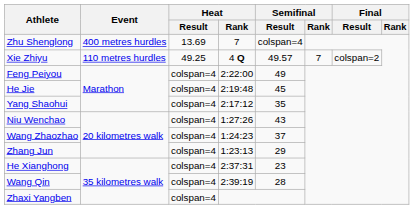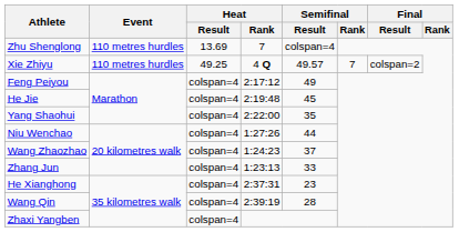 <table class="wikitable" style="font-size:90%">
 <tr>
 <th rowspan="2">Athlete</th>
 <th rowspan="2">Event</th>
 <th colspan="2">Heat</th>
 <th colspan="2">Semifinal</th>
 <th colspan="2">Final</th>
 </tr>
 <tr style="font-size:95%">
 <th>Result</th>
 <th>Rank</th>
 <th>Result</th>
 <th>Rank</th>
 <th>Result</th>
 <th>Rank</th>
 </tr>
 <tr style=text-align:center>
 <td style=text-align:left><a href='#'>Zhu Shenglong</a></td>
-<td style=text-align:left><a href='#'>400 metres hurdles</a></td>
+<td style=text-align:left><a href='#'>110 metres hurdles</a></td>
 <td>13.69</td>
 <td>7</td>
 <td>colspan=4 </td>
 </tr>
 <tr style=text-align:center>
 <td style=text-align:left><a href='#'>Xie Zhiyu</a></td>
 <td style=text-align:left><a href='#'>110 metres hurdles</a></td>
 <td>49.25</td>
 <td>4 <strong>Q</strong></td>
 <td>49.57</td>
 <td>7</td>
 <td>colspan=2 </td>
 </tr>
 <tr style=text-align:center>
 <td style=text-align:left><a href='#'>Feng Peiyou</a></td>
 <td style=text-align:left rowspan=3><a href='#'>Marathon</a></td>
 <td>colspan=4</td>
-<td>2:22:00</td>
+<td>2:17:12</td>
 <td>49</td>
 </tr>
 <tr style=text-align:center>
 <td style=text-align:left><a href='#'>He Jie</a></td>
 <td>colspan=4</td>
 <td>2:19:48</td>
 <td>45</td>
 </tr>
 <tr style=text-align:center>
 <td style=text-align:left><a href='#'>Yang Shaohui</a></td>
 <td>colspan=4</td>
-<td>2:17:12</td>
+<td>2:22:00</td>
 <td>35</td>
 </tr>
 <tr style=text-align:center>
 <td style=text-align:left><a href='#'>Niu Wenchao</a></td>
 <td style=text-align:left rowspan=3><a href='#'>20 kilometres walk</a></td>
 <td>colspan=4</td>
 <td>1:27:26</td>
-<td>43</td>
+<td>44</td>
 </tr>
 <tr style=text-align:center>
 <td style=text-align:left><a href='#'>Wang Zhaozhao</a></td>
 <td>colspan=4</td>
 <td>1:24:23</td>
 <td>37</td>
 </tr>
 <tr style=text-align:center>
 <td style=text-align:left><a href='#'>Zhang Jun</a></td>
 <td>colspan=4</td>
 <td>1:23:13</td>
-<td>29</td>
+<td>33</td>
 </tr>
 <tr style=text-align:center>
 <td style=text-align:left><a href='#'>He Xianghong</a></td>
 <td style=text-align:left rowspan=3><a href='#'>35 kilometres walk</a></td>
 <td>colspan=4</td>
 <td>2:37:31</td>
 <td>23</td>
 </tr>
 <tr style=text-align:center>
 <td style=text-align:left><a href='#'>Wang Qin</a></td>
 <td>colspan=4</td>
 <td>2:39:19</td>
 <td>28</td>
 </tr>
 <tr style=text-align:center>
 <td style=text-align:left><a href='#'>Zhaxi Yangben</a></td>
 <td>colspan=4</td>
 <td colspan=2></td>
 </tr>
 </table>
